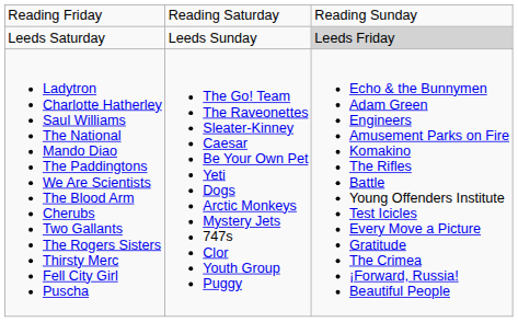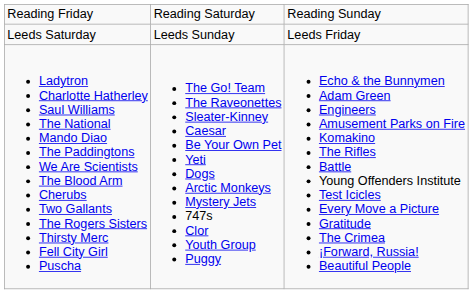 <table class="wikitable">
 <tr>
 <td>Reading Friday</td>
 <td>Reading Saturday</td>
 <td>Reading Sunday</td>
 </tr>
 <tr>
 <td>Leeds Saturday</td>
 <td>Leeds Sunday</td>
-<td style="background: lightgrey;">Leeds Friday</td>
+<td>Leeds Friday</td>
 </tr>
 <tr>
 <td><br><ul><li><a href='#'>Ladytron</a></li><li><a href='#'>Charlotte Hatherley</a></li><li><a href='#'>Saul Williams</a></li><li><a href='#'>The National</a></li><li><a href='#'>Mando Diao</a></li><li><a href='#'>The Paddingtons</a></li><li><a href='#'>We Are Scientists</a></li><li><a href='#'>The Blood Arm</a></li><li><a href='#'>Cherubs</a></li><li><a href='#'>Two Gallants</a></li><li><a href='#'>The Rogers Sisters</a></li><li><a href='#'>Thirsty Merc</a></li><li><a href='#'>Fell City Girl</a></li><li><a href='#'>Puscha</a></li></ul></td>
 <td><br><ul><li><a href='#'>The Go! Team</a></li><li><a href='#'>The Raveonettes</a></li><li><a href='#'>Sleater-Kinney</a></li><li><a href='#'>Caesar</a></li><li><a href='#'>Be Your Own Pet</a></li><li><a href='#'>Yeti</a></li><li><a href='#'>Dogs</a></li><li><a href='#'>Arctic Monkeys</a></li><li><a href='#'>Mystery Jets</a></li><li>747s</li><li><a href='#'>Clor</a></li><li><a href='#'>Youth Group</a></li><li><a href='#'>Puggy</a></li></ul></td>
 <td><br><ul><li><a href='#'>Echo & the Bunnymen</a></li><li><a href='#'>Adam Green</a></li><li><a href='#'>Engineers</a></li><li><a href='#'>Amusement Parks on Fire</a></li><li><a href='#'>Komakino</a></li><li><a href='#'>The Rifles</a></li><li><a href='#'>Battle</a></li><li>Young Offenders Institute</li><li><a href='#'>Test Icicles</a></li><li><a href='#'>Every Move a Picture</a></li><li><a href='#'>Gratitude</a></li><li><a href='#'>The Crimea</a></li><li><a href='#'>¡Forward, Russia!</a></li><li><a href='#'>Beautiful People</a></li></ul></td>
 </tr>
 </table>
